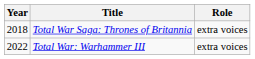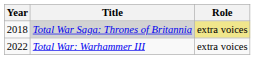 <table class="wikitable sortable">
 <tr>
 <th>Year</th>
 <th>Title</th>
 <th>Role</th>
 </tr>
 <tr>
 <td>2018</td>
-<td><em><a href='#'>Total War Saga: Thrones of Britannia</a></em></td>
-<td>extra voices</td>
+<td style="background: lightgrey;"><em><a href='#'>Total War Saga: Thrones of Britannia</a></em></td>
+<td style="background: khaki;">extra voices</td>
 </tr>
 <tr>
 <td>2022</td>
 <td><em><a href='#'>Total War: Warhammer III</a></em></td>
 <td>extra voices</td>
 </tr>
 </table>
